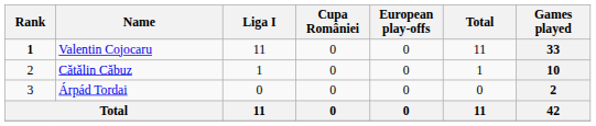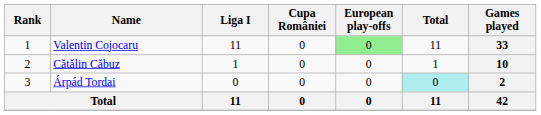 <table class="wikitable" style="text-align:center;">
 <tr>
 <th style="width:56px;">Rank</th>
 <th style="width:200px;">Name</th>
 <th style="width:84px;">Liga I</th>
 <th style="width:84px;">Cupa României</th>
 <th style="width:84px;">European play-offs</th>
 <th style="width:84px;">Total</th>
 <th style="width:84px;">Games played</th>
 </tr>
 <tr>
-<td><strong>1</strong></td>
+<td>1</td>
 <td style="text-align:left;">  <a href='#'>Valentin Cojocaru</a></td>
 <td>11</td>
 <td>0</td>
-<td>0</td>
+<td style="background: lightgreen;">0</td>
 <td>11</td>
 <th>33</th>
 </tr>
 <tr>
 <td>2</td>
 <td style="text-align:left;">  <a href='#'>Cătălin Căbuz</a></td>
 <td>1</td>
 <td>0</td>
 <td>0</td>
 <td>1</td>
 <th>10</th>
 </tr>
 <tr>
 <td>3</td>
 <td style="text-align:left;">  <a href='#'>Árpád Tordai</a></td>
 <td>0</td>
 <td>0</td>
 <td>0</td>
-<td>0</td>
+<td style="background: paleturquoise;">0</td>
 <th>2</th>
 </tr>
 <tr>
 <th colspan="2">Total</th>
 <th>11</th>
 <th>0</th>
 <th>0</th>
 <th>11</th>
 <th>42</th>
 </tr>
 <tr>
 </tr>
 </table>
